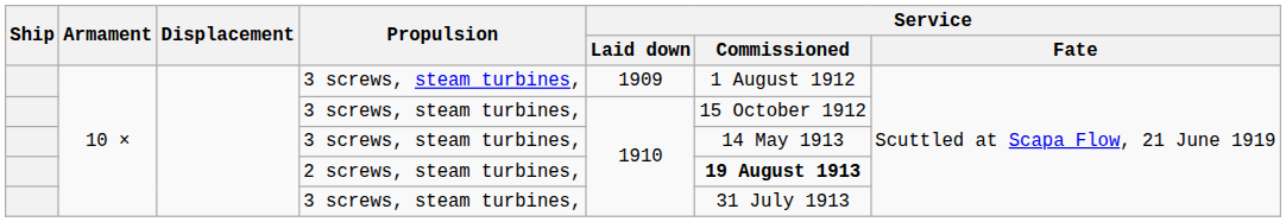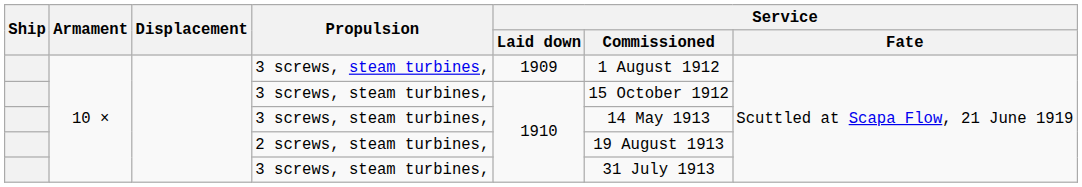 <table class="wikitable plainrowheaders" style="text-align: center;">
 <tr valign="center">
 <th scope="col" rowspan="2">Ship</th>
 <th scope="col" rowspan="2">Armament</th>
 <th scope="col" rowspan="2">Displacement</th>
 <th scope="col" rowspan="2">Propulsion</th>
 <th scope="col" colspan="3">Service</th>
 </tr>
 <tr valign="center">
 <th scope="col">Laid down</th>
 <th scope="col">Commissioned</th>
 <th scope="col">Fate</th>
 </tr>
 <tr valign="center">
 <th scope="row"></th>
 <td rowspan="5">10 × </td>
 <td rowspan="5"></td>
 <td>3 screws, <a href='#'>steam turbines</a>, </td>
 <td>1909</td>
 <td>1 August 1912</td>
 <td rowspan="5">Scuttled at <a href='#'>Scapa Flow</a>, 21 June 1919</td>
 </tr>
 <tr valign="center">
 <th scope="row"></th>
 <td>3 screws, steam turbines, </td>
 <td rowspan="4">1910</td>
 <td>15 October 1912</td>
 </tr>
 <tr valign="center">
 <th scope="row"></th>
 <td>3 screws, steam turbines, </td>
 <td>14 May 1913</td>
 </tr>
 <tr valign="center">
 <th scope="row"></th>
 <td>2 screws, steam turbines, </td>
-<td><strong>19 August 1913</strong></td>
+<td>19 August 1913</td>
 </tr>
 <tr valign="center">
 <th scope="row"></th>
 <td>3 screws, steam turbines, </td>
 <td>31 July 1913</td>
 </tr>
 </table>
